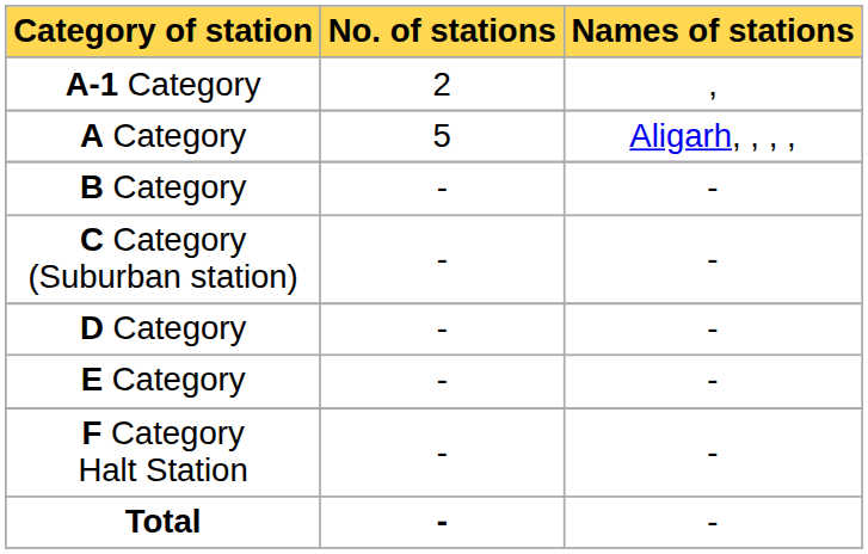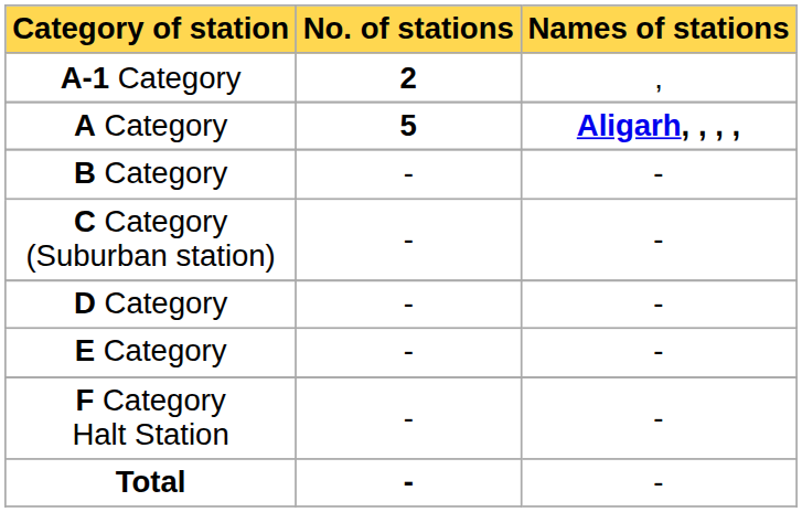 <table class="wikitable sortable" style="background:#fff;">
 <tr>
 <th style="background:#ffd750;" !>Category of station</th>
 <th style="background:#ffd750;" !>No. of stations</th>
 <th style="background:#ffd750;" !>Names of stations</th>
 </tr>
 <tr>
 <td style="text-align:center;"><strong>A-1</strong> Category</td>
-<td style="text-align:center;">2</td>
+<td style="text-align:center;"><strong>2</strong></td>
 <td style="text-align:center;">, </td>
 </tr>
 <tr>
 </tr>
 <tr>
 <td style="text-align:center;"><strong>A</strong> Category</td>
-<td style="text-align:center;">5</td>
-<td style="text-align:center;"><a href='#'>Aligarh</a>, , , , </td>
+<td style="text-align:center;"><strong>5</strong></td>
+<td style="text-align:center;"><strong><a href='#'>Aligarh</a>, , , , </strong></td>
 </tr>
 <tr>
 </tr>
 <tr>
 <td style="text-align:center;"><strong>B</strong> Category</td>
 <td style="text-align:center;">-</td>
 <td style="text-align:center;">-</td>
 </tr>
 <tr>
 <td style="text-align:center;"><strong>C</strong> Category<br>(Suburban station)</td>
 <td style="text-align:center;">-</td>
 <td style="text-align:center;">-</td>
 </tr>
 <tr>
 </tr>
 <tr>
 <td style="text-align:center;"><strong>D</strong> Category</td>
 <td style="text-align:center;">-</td>
 <td style="text-align:center;">-</td>
 </tr>
 <tr>
 <td style="text-align:center;"><strong>E</strong> Category</td>
 <td style="text-align:center;">-</td>
 <td style="text-align:center;">-</td>
 </tr>
 <tr>
 </tr>
 <tr>
 <td style="text-align:center;"><strong>F</strong> Category<br>Halt Station</td>
 <td style="text-align:center;">-</td>
 <td style="text-align:center;">-</td>
 </tr>
 <tr>
 <td style="text-align:center;"><strong>Total</strong></td>
 <td style="text-align:center;"><strong>-</strong></td>
 <td style="text-align:center;">-</td>
 </tr>
 </table>
